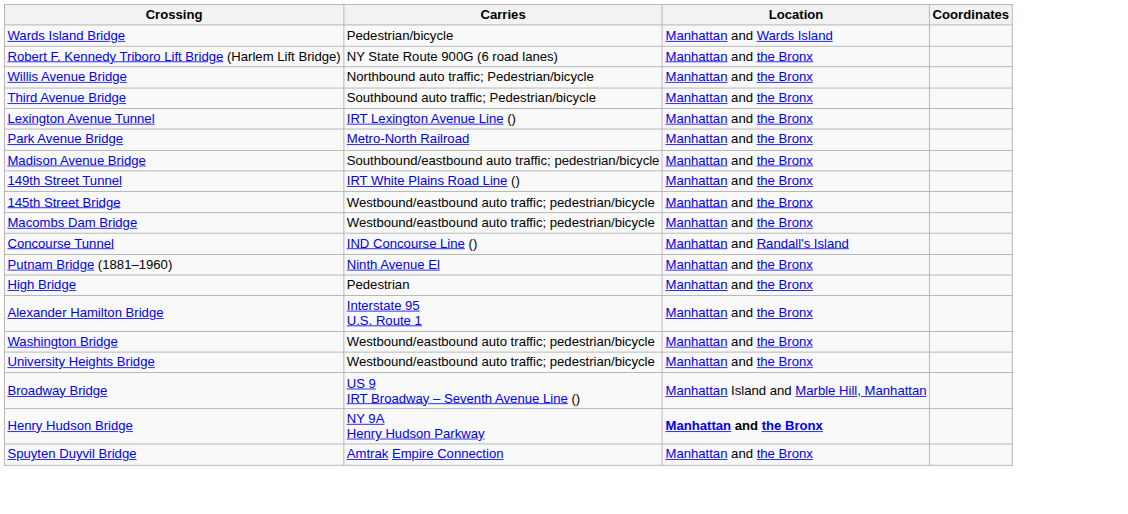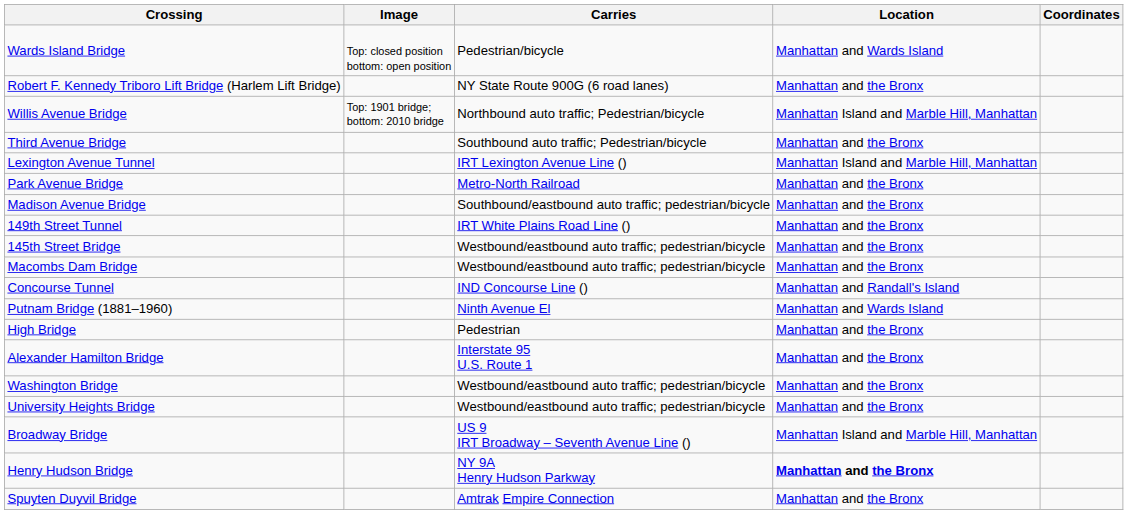 <table class=wikitable>
 <tr>
 <th>Crossing</th>
+<th>Image</th>
 <th>Carries</th>
 <th>Location</th>
 <th>Coordinates<br></th>
 </tr>
 <tr>
 <td><a href='#'>Wards Island Bridge</a></td>
+<td> <br><small>Top: closed position<br>bottom: open position</small></td>
 <td>Pedestrian/bicycle</td>
 <td><a href='#'>Manhattan</a> and <a href='#'>Wards Island</a></td>
 <td></td>
 </tr>
 <tr>
 <td><a href='#'>Robert F. Kennedy Triboro Lift Bridge</a> (Harlem Lift Bridge)</td>
+<td></td>
 <td>NY State Route 900G (6 road lanes)</td>
 <td><a href='#'>Manhattan</a> and <a href='#'>the Bronx</a></td>
 <td></td>
 </tr>
 <tr>
 <td><a href='#'>Willis Avenue Bridge</a></td>
+<td> <small>Top: 1901 bridge;<br>bottom: 2010 bridge</small></td>
 <td>Northbound auto traffic; Pedestrian/bicycle</td>
-<td><a href='#'>Manhattan</a> and <a href='#'>the Bronx</a></td>
+<td><a href='#'>Manhattan</a> Island and <a href='#'>Marble Hill, Manhattan</a></td>
 <td></td>
 </tr>
 <tr>
 <td><a href='#'>Third Avenue Bridge</a></td>
+<td></td>
 <td>Southbound auto traffic; Pedestrian/bicycle</td>
 <td><a href='#'>Manhattan</a> and <a href='#'>the Bronx</a></td>
 <td></td>
 </tr>
 <tr>
 <td><a href='#'>Lexington Avenue Tunnel</a></td>
+<td></td>
 <td><a href='#'>IRT Lexington Avenue Line</a> ()</td>
-<td><a href='#'>Manhattan</a> and <a href='#'>the Bronx</a></td>
+<td><a href='#'>Manhattan</a> Island and <a href='#'>Marble Hill, Manhattan</a></td>
 <td></td>
 </tr>
 <tr>
 <td><a href='#'>Park Avenue Bridge</a></td>
+<td></td>
 <td><a href='#'>Metro-North Railroad</a></td>
 <td><a href='#'>Manhattan</a> and <a href='#'>the Bronx</a></td>
 <td></td>
 </tr>
 <tr>
 <td><a href='#'>Madison Avenue Bridge</a></td>
+<td></td>
 <td>Southbound/eastbound auto traffic; pedestrian/bicycle</td>
 <td><a href='#'>Manhattan</a> and <a href='#'>the Bronx</a></td>
 <td></td>
 </tr>
 <tr>
 <td><a href='#'>149th Street Tunnel</a></td>
+<td></td>
 <td><a href='#'>IRT White Plains Road Line</a> ()</td>
 <td><a href='#'>Manhattan</a> and <a href='#'>the Bronx</a></td>
 <td></td>
 </tr>
 <tr>
 <td><a href='#'>145th Street Bridge</a></td>
+<td></td>
 <td>Westbound/eastbound auto traffic; pedestrian/bicycle</td>
 <td><a href='#'>Manhattan</a> and <a href='#'>the Bronx</a></td>
 <td></td>
 </tr>
 <tr>
 <td><a href='#'>Macombs Dam Bridge</a></td>
+<td></td>
 <td>Westbound/eastbound auto traffic; pedestrian/bicycle</td>
 <td><a href='#'>Manhattan</a> and <a href='#'>the Bronx</a></td>
 <td></td>
 </tr>
 <tr>
 <td><a href='#'>Concourse Tunnel</a></td>
+<td></td>
 <td><a href='#'>IND Concourse Line</a> ()</td>
 <td><a href='#'>Manhattan</a> and <a href='#'>Randall's Island</a></td>
 <td></td>
 </tr>
 <tr>
 <td><a href='#'>Putnam Bridge</a> (1881–1960)</td>
+<td></td>
 <td><a href='#'>Ninth Avenue El</a></td>
-<td><a href='#'>Manhattan</a> and <a href='#'>the Bronx</a></td>
+<td><a href='#'>Manhattan</a> and <a href='#'>Wards Island</a></td>
 <td></td>
 </tr>
 <tr>
 <td><a href='#'>High Bridge</a></td>
+<td></td>
 <td>Pedestrian</td>
 <td><a href='#'>Manhattan</a> and <a href='#'>the Bronx</a></td>
 <td></td>
 </tr>
 <tr>
 <td><a href='#'>Alexander Hamilton Bridge</a></td>
+<td></td>
 <td> <a href='#'>Interstate 95</a><br> <a href='#'>U.S. Route 1</a></td>
 <td><a href='#'>Manhattan</a> and <a href='#'>the Bronx</a></td>
 <td></td>
 </tr>
 <tr>
 <td><a href='#'>Washington Bridge</a></td>
+<td></td>
 <td>Westbound/eastbound auto traffic; pedestrian/bicycle</td>
 <td><a href='#'>Manhattan</a> and <a href='#'>the Bronx</a></td>
 <td></td>
 </tr>
 <tr>
 <td><a href='#'>University Heights Bridge</a></td>
+<td></td>
 <td>Westbound/eastbound auto traffic; pedestrian/bicycle</td>
 <td><a href='#'>Manhattan</a> and <a href='#'>the Bronx</a></td>
 <td></td>
 </tr>
 <tr>
 <td><a href='#'>Broadway Bridge</a></td>
+<td></td>
 <td> <a href='#'>US 9</a><br><a href='#'>IRT Broadway – Seventh Avenue Line</a> ()</td>
 <td><a href='#'>Manhattan</a> Island and <a href='#'>Marble Hill, Manhattan</a></td>
 <td></td>
 </tr>
 <tr>
 <td><a href='#'>Henry Hudson Bridge</a></td>
+<td></td>
 <td> <a href='#'>NY 9A</a><br> <a href='#'>Henry Hudson Parkway</a></td>
 <td><strong><a href='#'>Manhattan</a> and <a href='#'>the Bronx</a></strong></td>
 <td></td>
 </tr>
 <tr>
 <td><a href='#'>Spuyten Duyvil Bridge</a></td>
+<td></td>
 <td><a href='#'>Amtrak</a> <a href='#'>Empire Connection</a></td>
 <td><a href='#'>Manhattan</a> and <a href='#'>the Bronx</a></td>
 <td></td>
 </tr>
 </table>
